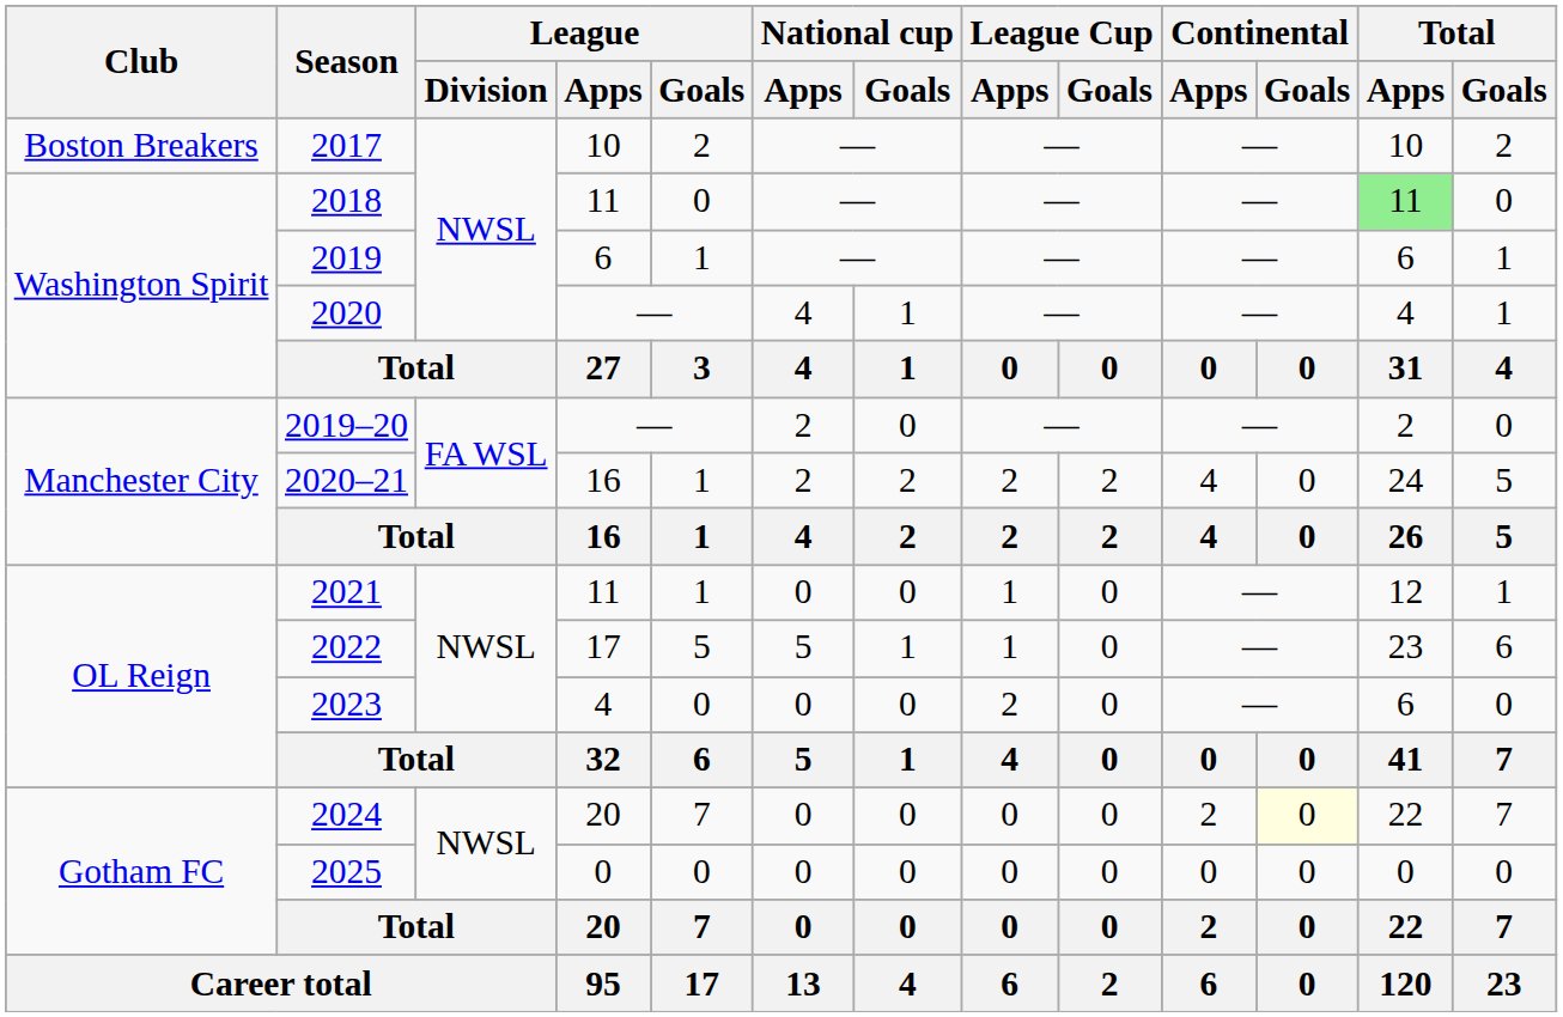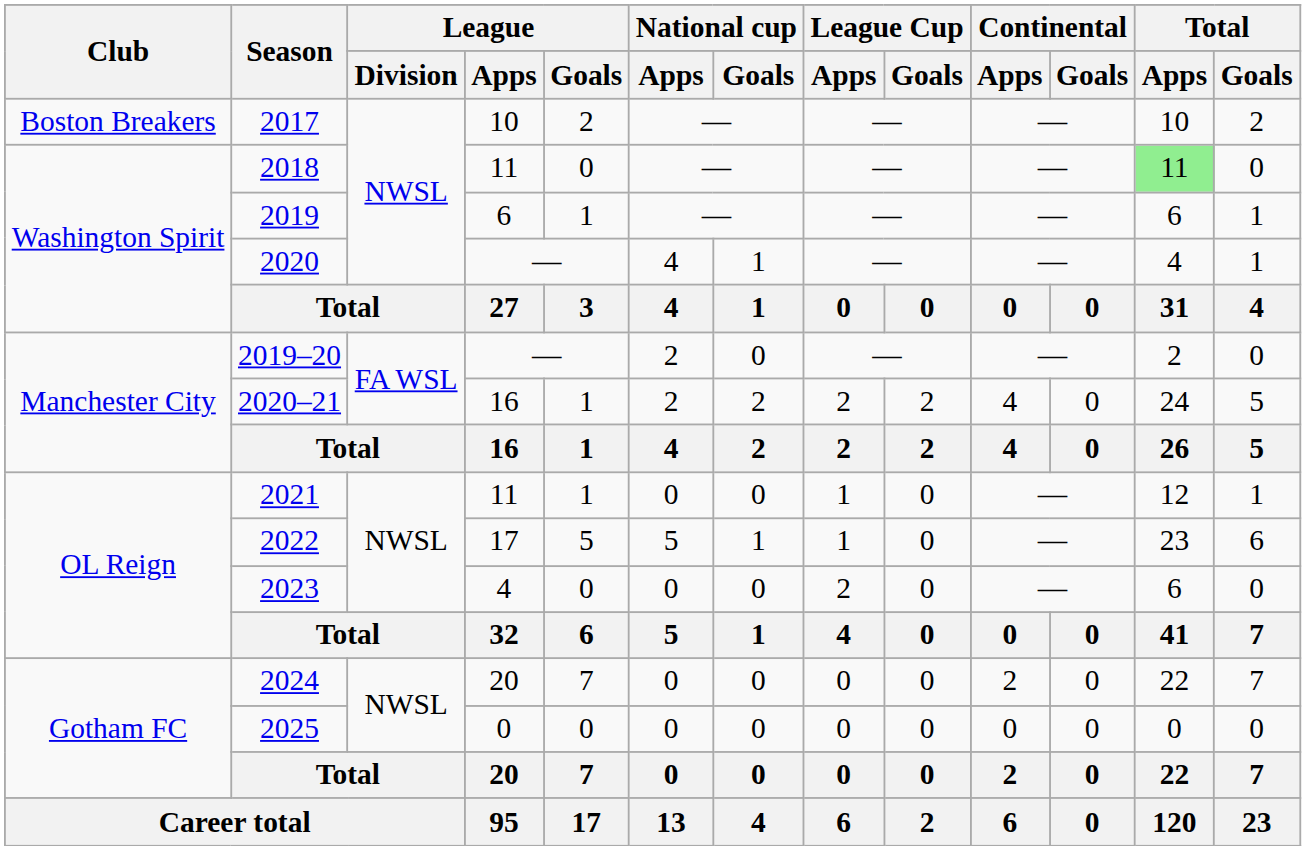 <table class="wikitable" style="text-align:center">
 <tr>
 <th rowspan="2">Club</th>
 <th rowspan="2">Season</th>
 <th colspan="3">League</th>
 <th colspan="2">National cup</th>
 <th colspan="2">League Cup</th>
 <th colspan="2">Continental</th>
 <th colspan="2">Total</th>
 </tr>
 <tr>
 <th>Division</th>
 <th>Apps</th>
 <th>Goals</th>
 <th>Apps</th>
 <th>Goals</th>
 <th>Apps</th>
 <th>Goals</th>
 <th>Apps</th>
 <th>Goals</th>
 <th>Apps</th>
 <th>Goals</th>
 </tr>
 <tr>
 <td><a href='#'>Boston Breakers</a></td>
 <td><a href='#'>2017</a></td>
 <td rowspan="4"><a href='#'>NWSL</a></td>
 <td>10</td>
 <td>2</td>
 <td colspan="2">—</td>
 <td colspan="2">—</td>
 <td colspan="2">—</td>
 <td>10</td>
 <td>2</td>
 </tr>
 <tr>
 <td rowspan="4"><a href='#'>Washington Spirit</a></td>
 <td><a href='#'>2018</a></td>
 <td>11</td>
 <td>0</td>
 <td colspan="2">—</td>
 <td colspan="2">—</td>
 <td colspan="2">—</td>
 <td style="background: lightgreen;">11</td>
 <td>0</td>
 </tr>
 <tr>
 <td><a href='#'>2019</a></td>
 <td>6</td>
 <td>1</td>
 <td colspan="2">—</td>
 <td colspan="2">—</td>
 <td colspan="2">—</td>
 <td>6</td>
 <td>1</td>
 </tr>
 <tr>
 <td><a href='#'>2020</a></td>
 <td colspan="2">—</td>
 <td>4</td>
 <td>1</td>
 <td colspan="2">—</td>
 <td colspan="2">—</td>
 <td>4</td>
 <td>1</td>
 </tr>
 <tr>
 <th colspan="2">Total</th>
 <th>27</th>
 <th>3</th>
 <th>4</th>
 <th>1</th>
 <th>0</th>
 <th>0</th>
 <th>0</th>
 <th>0</th>
 <th>31</th>
 <th>4</th>
 </tr>
 <tr>
 <td rowspan="3"><a href='#'>Manchester City</a></td>
 <td><a href='#'>2019–20</a></td>
 <td rowspan="2"><a href='#'>FA WSL</a></td>
 <td colspan="2">—</td>
 <td>2</td>
 <td>0</td>
 <td colspan="2">—</td>
 <td colspan="2">—</td>
 <td>2</td>
 <td>0</td>
 </tr>
 <tr>
 <td><a href='#'>2020–21</a></td>
 <td>16</td>
 <td>1</td>
 <td>2</td>
 <td>2</td>
 <td>2</td>
 <td>2</td>
 <td>4</td>
 <td>0</td>
 <td>24</td>
 <td>5</td>
 </tr>
 <tr>
 <th colspan="2">Total</th>
 <th>16</th>
 <th>1</th>
 <th>4</th>
 <th>2</th>
 <th>2</th>
 <th>2</th>
 <th>4</th>
 <th>0</th>
 <th>26</th>
 <th>5</th>
 </tr>
 <tr>
 <td rowspan="4"><a href='#'>OL Reign</a></td>
 <td><a href='#'>2021</a></td>
 <td rowspan="3">NWSL</td>
 <td>11</td>
 <td>1</td>
 <td>0</td>
 <td>0</td>
 <td>1</td>
 <td>0</td>
 <td colspan="2">—</td>
 <td>12</td>
 <td>1</td>
 </tr>
 <tr>
 <td><a href='#'>2022</a></td>
 <td>17</td>
 <td>5</td>
 <td>5</td>
 <td>1</td>
 <td>1</td>
 <td>0</td>
 <td colspan="2">—</td>
 <td>23</td>
 <td>6</td>
 </tr>
 <tr>
 <td><a href='#'>2023</a></td>
 <td>4</td>
 <td>0</td>
 <td>0</td>
 <td>0</td>
 <td>2</td>
 <td>0</td>
 <td colspan="2">—</td>
 <td>6</td>
 <td>0</td>
 </tr>
 <tr>
 <th colspan="2">Total</th>
 <th>32</th>
 <th>6</th>
 <th>5</th>
 <th>1</th>
 <th>4</th>
 <th>0</th>
 <th>0</th>
 <th>0</th>
 <th>41</th>
 <th>7</th>
 </tr>
 <tr>
 <td rowspan="3"><a href='#'>Gotham FC</a></td>
 <td><a href='#'>2024</a></td>
 <td rowspan="2">NWSL</td>
 <td>20</td>
 <td>7</td>
 <td>0</td>
 <td>0</td>
 <td>0</td>
 <td>0</td>
 <td>2</td>
-<td style="background: lightyellow;">0</td>
+<td>0</td>
 <td>22</td>
 <td>7</td>
 </tr>
 <tr>
 <td><a href='#'>2025</a></td>
 <td>0</td>
 <td>0</td>
 <td>0</td>
 <td>0</td>
 <td>0</td>
 <td>0</td>
 <td>0</td>
 <td>0</td>
 <td>0</td>
 <td>0</td>
 </tr>
 <tr>
 <th colspan="2">Total</th>
 <th>20</th>
 <th>7</th>
 <th>0</th>
 <th>0</th>
 <th>0</th>
 <th>0</th>
 <th>2</th>
 <th>0</th>
 <th>22</th>
 <th>7</th>
 </tr>
 <tr>
 <th colspan="3">Career total</th>
 <th>95</th>
 <th>17</th>
 <th>13</th>
 <th>4</th>
 <th>6</th>
 <th>2</th>
 <th>6</th>
 <th>0</th>
 <th>120</th>
 <th>23</th>
 </tr>
 </table>
